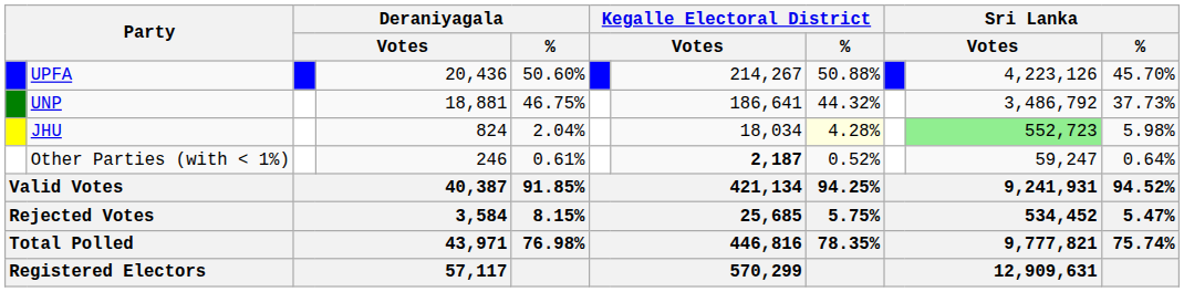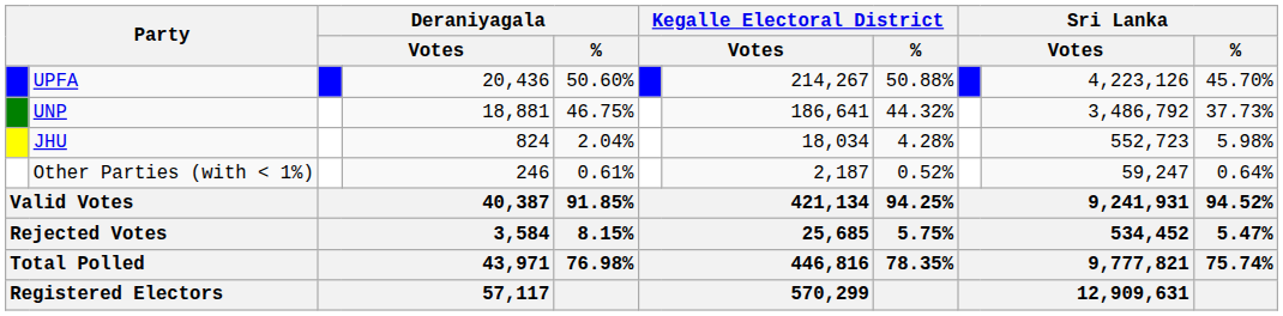 <table class="wikitable">
 <tr>
 <th colspan="2" width="144px"rowspan="2">Party</th>
 <th colspan="3" width="216px">Deraniyagala</th>
 <th colspan="3" width="216px"><a href='#'>Kegalle Electoral District</a></th>
 <th colspan="3" width="216px">Sri Lanka</th>
 </tr>
 <tr>
 <th colspan="2" width="144px">Votes</th>
 <th>%</th>
 <th colspan="2" width="144px">Votes</th>
 <th>%</th>
 <th colspan="2" width="144px">Votes</th>
 <th>%</th>
 </tr>
 <tr>
 <td style="background-color:blue;" width="10px"></td>
 <td style="text-align:left;"><a href='#'>UPFA</a></td>
 <td style="background-color:blue;" width="10px"></td>
 <td style="text-align:right;">20,436</td>
 <td style="text-align:right;">50.60%</td>
 <td style="background-color:blue;" width="10px"></td>
 <td style="text-align:right;">214,267</td>
 <td style="text-align:right;">50.88%</td>
 <td style="background-color:blue;" width="10px"></td>
 <td style="text-align:right;">4,223,126</td>
 <td style="text-align:right;">45.70%</td>
 </tr>
 <tr>
 <td style="background-color:green;" width="10px"></td>
 <td style="text-align:left;"><a href='#'>UNP</a></td>
 <td style="background-color:white;" width="10px"></td>
 <td style="text-align:right;">18,881</td>
 <td style="text-align:right;">46.75%</td>
 <td style="background-color:white;" width="10px"></td>
 <td style="text-align:right;">186,641</td>
 <td style="text-align:right;">44.32%</td>
 <td style="background-color:white;" width="10px"></td>
 <td style="text-align:right;">3,486,792</td>
 <td style="text-align:right;">37.73%</td>
 </tr>
 <tr>
 <td style="background-color:yellow;" width="10px"></td>
 <td style="text-align:left;"><a href='#'>JHU</a></td>
 <td style="background-color:white;" width="10px"></td>
 <td style="text-align:right;">824</td>
 <td style="text-align:right;">2.04%</td>
 <td style="background-color:white;" width="10px"></td>
 <td style="text-align:right;">18,034</td>
-<td style="background: lightyellow; text-align:right;">4.28%</td>
+<td style="text-align:right;">4.28%</td>
 <td style="background-color:white;" width="10px"></td>
-<td style="background: lightgreen; text-align:right;">552,723</td>
+<td style="text-align:right;">552,723</td>
 <td style="text-align:right;">5.98%</td>
 </tr>
 <tr>
 <td style="background-color:white;" width="10px"></td>
 <td style="text-align:left;">Other Parties (with < 1%)</td>
 <td style="background-color:white;" width="10px"></td>
 <td style="text-align:right;">246</td>
 <td style="text-align:right;">0.61%</td>
 <td style="background-color:white;" width="10px"></td>
-<td style="text-align:right;"><strong>2,187</strong></td>
+<td style="text-align:right;">2,187</td>
 <td style="text-align:right;">0.52%</td>
 <td style="background-color:white;" width="10px"></td>
 <td style="text-align:right;">59,247</td>
 <td style="text-align:right;">0.64%</td>
 </tr>
 <tr>
 <th colspan="2" width="144px"style="text-align:left;">Valid Votes</th>
 <th style="text-align:right;"colspan="2" width="144px">40,387</th>
 <th style="text-align:right;">91.85%</th>
 <th style="text-align:right;"colspan="2" width="144px">421,134</th>
 <th style="text-align:right;">94.25%</th>
 <th style="text-align:right;"colspan="2" width="144px">9,241,931</th>
 <th style="text-align:right;">94.52%</th>
 </tr>
 <tr>
 <th colspan="2" width="144px"style="text-align:left;">Rejected Votes</th>
 <th style="text-align:right;"colspan="2" width="144px">3,584</th>
 <th style="text-align:right;">8.15%</th>
 <th style="text-align:right;"colspan="2" width="144px">25,685</th>
 <th style="text-align:right;">5.75%</th>
 <th style="text-align:right;"colspan="2" width="144px">534,452</th>
 <th style="text-align:right;">5.47%</th>
 </tr>
 <tr>
 <th colspan="2" width="144px"style="text-align:left;">Total Polled</th>
 <th style="text-align:right;"colspan="2" width="144px">43,971</th>
 <th style="text-align:right;">76.98%</th>
 <th style="text-align:right;"colspan="2" width="144px">446,816</th>
 <th style="text-align:right;">78.35%</th>
 <th style="text-align:right;"colspan="2" width="144px">9,777,821</th>
 <th style="text-align:right;">75.74%</th>
 </tr>
 <tr>
 <th colspan="2" width="144px"style="text-align:left;">Registered Electors</th>
 <th style="text-align:right;"colspan="2" width="144px">57,117</th>
 <th></th>
 <th style="text-align:right;"colspan="2" width="144px">570,299</th>
 <th></th>
 <th style="text-align:right;"colspan="2" width="144px">12,909,631</th>
 <th></th>
 </tr>
 </table>
